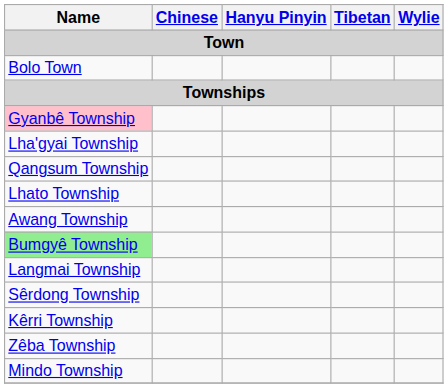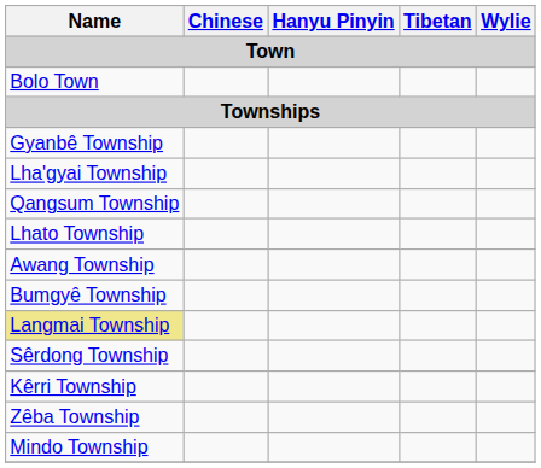 <table class="wikitable"  style="font-size:90%;" align=center>
 <tr>
 <th>Name</th>
 <th><a href='#'>Chinese</a></th>
 <th><a href='#'>Hanyu Pinyin</a></th>
 <th><a href='#'>Tibetan</a></th>
 <th><a href='#'>Wylie</a></th>
 </tr>
 <tr --------->
 <td colspan="7"  style="text-align:center; background:#d3d3d3;"><strong>Town</strong></td>
 </tr>
 <tr --------->
 <td><a href='#'>Bolo Town</a></td>
 <td></td>
 <td></td>
 <td></td>
 <td></td>
 </tr>
 <tr --------->
 <td colspan="7"  style="text-align:center; background:#d3d3d3;"><strong>Townships</strong></td>
 </tr>
 <tr --------->
-<td style="background: pink;"><a href='#'>Gyanbê Township</a></td>
+<td><a href='#'>Gyanbê Township</a></td>
 <td></td>
 <td></td>
 <td></td>
 <td></td>
 </tr>
 <tr>
 <td><a href='#'>Lha'gyai Township</a></td>
 <td></td>
 <td></td>
 <td></td>
 <td></td>
 </tr>
 <tr>
 <td><a href='#'>Qangsum Township</a></td>
 <td></td>
 <td></td>
 <td></td>
 <td></td>
 </tr>
 <tr>
 <td><a href='#'>Lhato Township</a></td>
 <td></td>
 <td></td>
 <td></td>
 <td></td>
 </tr>
 <tr>
 <td><a href='#'>Awang Township</a></td>
 <td></td>
 <td></td>
 <td></td>
 <td></td>
 </tr>
 <tr>
-<td style="background: lightgreen;"><a href='#'>Bumgyê Township</a></td>
+<td><a href='#'>Bumgyê Township</a></td>
 <td></td>
 <td></td>
 <td></td>
 <td></td>
 </tr>
 <tr>
-<td><a href='#'>Langmai Township</a></td>
+<td style="background: khaki;"><a href='#'>Langmai Township</a></td>
 <td></td>
 <td></td>
 <td></td>
 <td></td>
 </tr>
 <tr>
 <td><a href='#'>Sêrdong Township</a></td>
 <td></td>
 <td></td>
 <td></td>
 <td></td>
 </tr>
 <tr>
 <td><a href='#'>Kêrri Township</a></td>
 <td></td>
 <td></td>
 <td></td>
 <td></td>
 </tr>
 <tr>
 <td><a href='#'>Zêba Township</a></td>
 <td></td>
 <td></td>
 <td></td>
 <td></td>
 </tr>
 <tr>
 <td><a href='#'>Mindo Township</a></td>
 <td></td>
 <td></td>
 <td></td>
 <td></td>
 </tr>
 <tr>
 </tr>
 </table>
